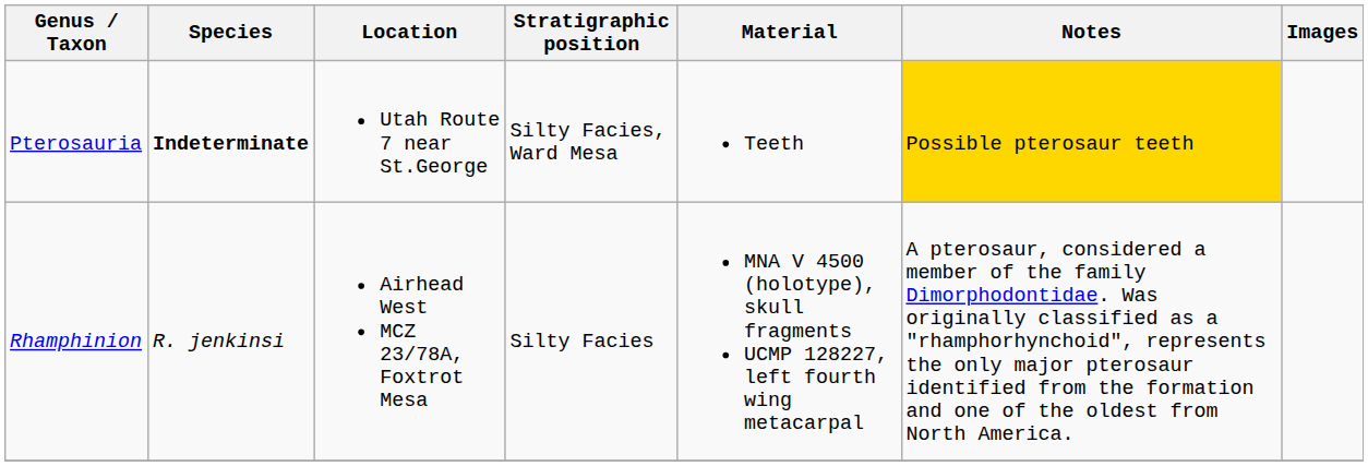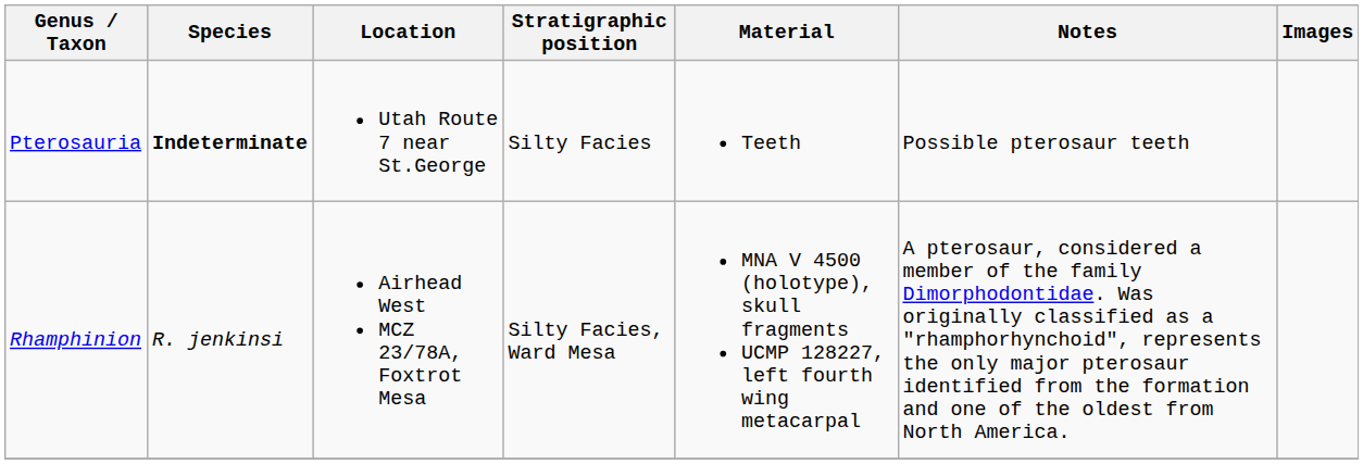 <table class="wikitable" align="center" width="100%">
 <tr>
 <th>Genus / Taxon</th>
 <th>Species</th>
 <th>Location</th>
 <th>Stratigraphic position</th>
 <th>Material</th>
 <th>Notes</th>
 <th>Images</th>
 </tr>
 <tr>
 <td><br><a href='#'>Pterosauria</a></td>
 <td><strong><br>Indeterminate</strong></td>
 <td><br><ul><li>Utah Route 7 near St.George</li></ul></td>
-<td><br>Silty Facies, Ward Mesa</td>
+<td><br>Silty Facies</td>
 <td><br><ul><li>Teeth</li></ul></td>
-<td style="background: gold;"><br>Possible pterosaur teeth</td>
+<td><br>Possible pterosaur teeth</td>
 <td></td>
 </tr>
 <tr>
 <td><br><em><a href='#'>Rhamphinion</a></em></td>
 <td><br><em>R. jenkinsi</em></td>
 <td><br><ul><li>Airhead West</li><li>MCZ 23/78A, Foxtrot Mesa</li></ul></td>
-<td><br>Silty Facies</td>
+<td><br>Silty Facies, Ward Mesa</td>
 <td><br><ul><li>MNA V 4500 (holotype), skull fragments</li><li>UCMP 128227, left fourth wing metacarpal</li></ul></td>
 <td><br>A pterosaur, considered a member of the family <a href='#'>Dimorphodontidae</a>. Was originally classified as a "rhamphorhynchoid", represents the only major pterosaur identified from the formation and one of the oldest from North America.</td>
 <td></td>
 </tr>
 <tr>
 </tr>
 </table>
